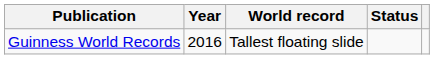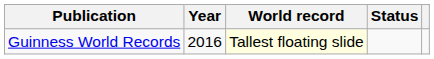 <table class="wikitable">
 <tr>
 <th>Publication</th>
 <th>Year</th>
 <th>World record</th>
 <th> Status</th>
 <th class="unsortable"></th>
 </tr>
 <tr>
 <td rowspan="2"><a href='#'>Guinness World Records</a></td>
 <td rowspan="2">2016</td>
-<td>Tallest floating slide</td>
+<td style="background: lightyellow;">Tallest floating slide</td>
 <td></td>
 <td></td>
 </tr>
 </table>
